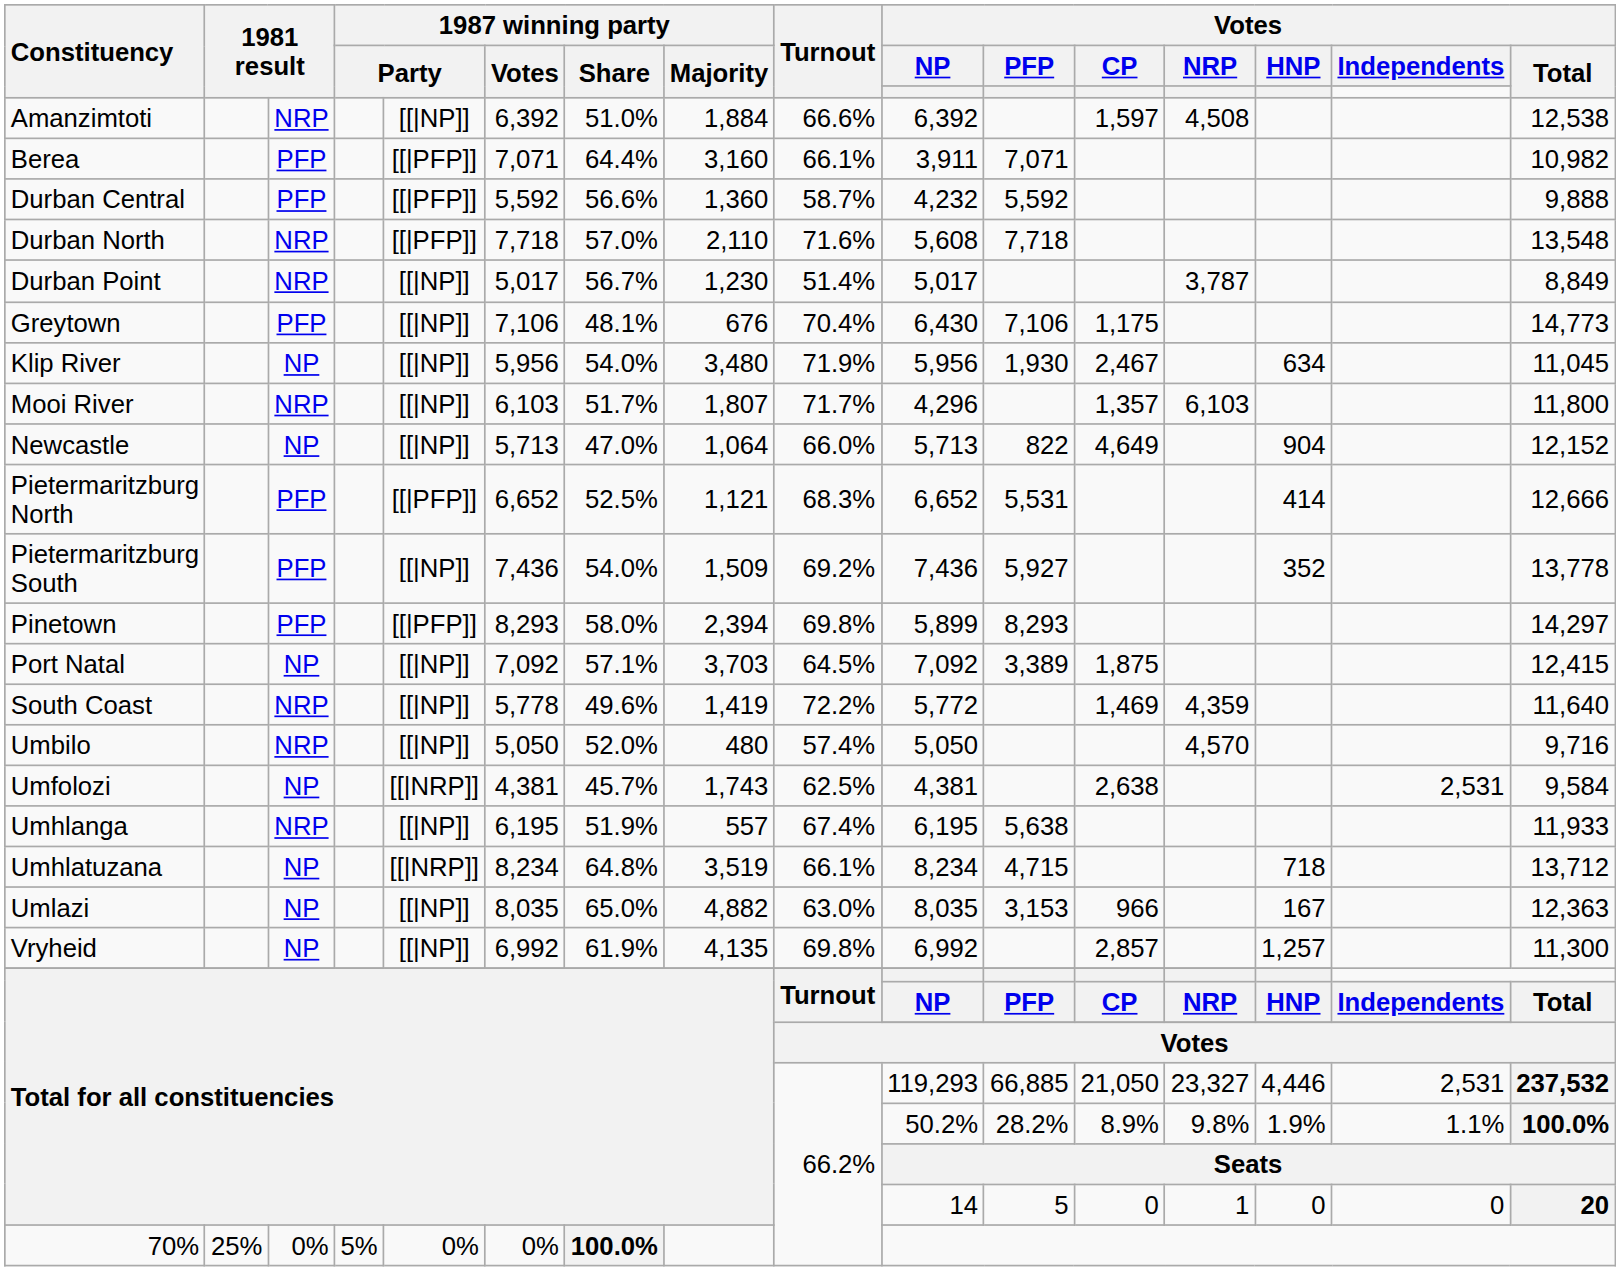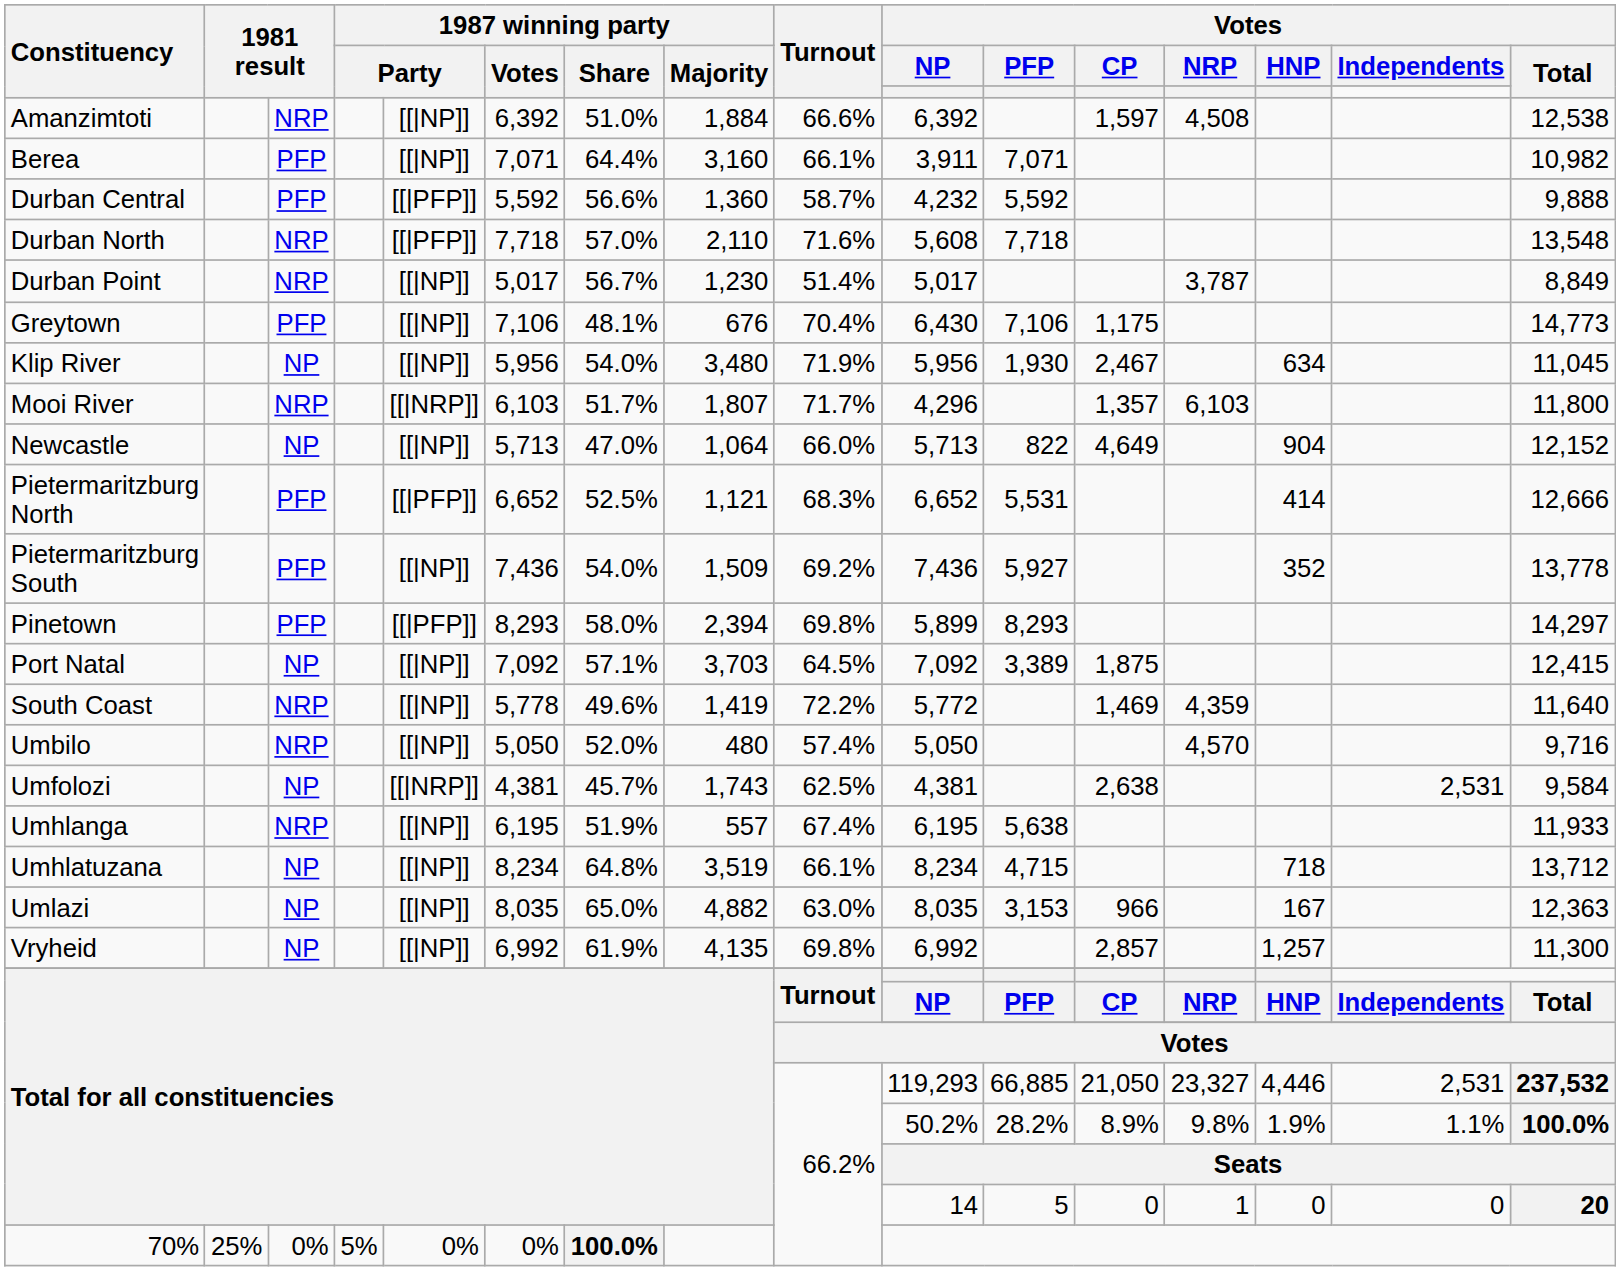 <table class="wikitable sortable" style="text-align:right; font-size:95%">
 <tr>
 <th rowspan="3" scope="col" style="text-align:left;">Constituency</th>
 <th colspan="2" rowspan="3" scope="col">1981<br>result</th>
 <th colspan="5">1987 winning party</th>
 <th rowspan="3" scope="col">Turnout</th>
 <th colspan="7" scope="col">Votes</th>
 </tr>
 <tr>
 <th colspan="2" rowspan="2">Party</th>
 <th rowspan="2" scope="col">Votes</th>
 <th rowspan="2" scope="col">Share</th>
 <th rowspan="2" scope="col">Majority</th>
 <th scope="col"><a href='#'>NP</a></th>
 <th scope="col"><a href='#'>PFP</a></th>
 <th scope="col"><a href='#'>CP</a></th>
 <th scope="col"><a href='#'>NRP</a></th>
 <th scope="col"><a href='#'>HNP</a></th>
 <th scope="col"><a href='#'>Independents</a></th>
 <th rowspan="2" scope="col">Total</th>
 </tr>
 <tr>
 <th scope="col" style="background:"></th>
 <th scope="col" style="background:"></th>
 <th scope="col" style="background:"></th>
 <th scope="col" style="background:"></th>
 <th scope="col" style="background:"></th>
 </tr>
 <tr>
 <td style="text-align:left;">Amanzimtoti</td>
 <td style="background:"></td>
 <td style="text-align:center;"><a href='#'>NRP</a></td>
 <td style="background:"></td>
 <td style="text-align:center;">[[|NP]]</td>
 <td>6,392</td>
 <td>51.0%</td>
 <td>1,884</td>
 <td>66.6%</td>
 <td>6,392</td>
 <td></td>
 <td>1,597</td>
 <td>4,508</td>
 <td></td>
 <td></td>
 <td>12,538</td>
 </tr>
 <tr>
 <td style="text-align:left;">Berea</td>
 <td style="background:"></td>
 <td style="text-align:center;"><a href='#'>PFP</a></td>
 <td style="background:"></td>
-<td style="text-align:center;">[[|PFP]]</td>
+<td style="text-align:center;">[[|NP]]</td>
 <td>7,071</td>
 <td>64.4%</td>
 <td>3,160</td>
 <td>66.1%</td>
 <td>3,911</td>
 <td>7,071</td>
 <td></td>
 <td></td>
 <td></td>
 <td></td>
 <td>10,982</td>
 </tr>
 <tr>
 <td style="text-align:left;">Durban Central</td>
 <td style="background:"></td>
 <td style="text-align:center;"><a href='#'>PFP</a></td>
 <td style="background:"></td>
 <td style="text-align:center;">[[|PFP]]</td>
 <td>5,592</td>
 <td>56.6%</td>
 <td>1,360</td>
 <td>58.7%</td>
 <td>4,232</td>
 <td>5,592</td>
 <td></td>
 <td></td>
 <td></td>
 <td></td>
 <td>9,888</td>
 </tr>
 <tr>
 <td style="text-align:left;">Durban North</td>
 <td style="background:"></td>
 <td style="text-align:center;"><a href='#'>NRP</a></td>
 <td style="background:"></td>
 <td style="text-align:center;">[[|PFP]]</td>
 <td>7,718</td>
 <td>57.0%</td>
 <td>2,110</td>
 <td>71.6%</td>
 <td>5,608</td>
 <td>7,718</td>
 <td></td>
 <td></td>
 <td></td>
 <td></td>
 <td>13,548</td>
 </tr>
 <tr>
 <td style="text-align:left;">Durban Point</td>
 <td style="background:"></td>
 <td style="text-align:center;"><a href='#'>NRP</a></td>
 <td style="background:"></td>
 <td style="text-align:center;">[[|NP]]</td>
 <td>5,017</td>
 <td>56.7%</td>
 <td>1,230</td>
 <td>51.4%</td>
 <td>5,017</td>
 <td></td>
 <td></td>
 <td>3,787</td>
 <td></td>
 <td></td>
 <td>8,849</td>
 </tr>
 <tr>
 <td style="text-align:left;">Greytown</td>
 <td style="background:"></td>
 <td style="text-align:center;"><a href='#'>PFP</a></td>
 <td style="background:"></td>
 <td style="text-align:center;">[[|NP]]</td>
 <td>7,106</td>
 <td>48.1%</td>
 <td>676</td>
 <td>70.4%</td>
 <td>6,430</td>
 <td>7,106</td>
 <td>1,175</td>
 <td></td>
 <td></td>
 <td></td>
 <td>14,773</td>
 </tr>
 <tr>
 <td style="text-align:left;">Klip River</td>
 <td style="background:"></td>
 <td style="text-align:center;"><a href='#'>NP</a></td>
 <td style="background:"></td>
 <td style="text-align:center;">[[|NP]]</td>
 <td>5,956</td>
 <td>54.0%</td>
 <td>3,480</td>
 <td>71.9%</td>
 <td>5,956</td>
 <td>1,930</td>
 <td>2,467</td>
 <td></td>
 <td>634</td>
 <td></td>
 <td>11,045</td>
 </tr>
 <tr>
 <td style="text-align:left;">Mooi River</td>
 <td style="background:"></td>
 <td style="text-align:center;"><a href='#'>NRP</a></td>
 <td style="background:"></td>
-<td style="text-align:center;">[[|NP]]</td>
+<td style="text-align:center;">[[|NRP]]</td>
 <td>6,103</td>
 <td>51.7%</td>
 <td>1,807</td>
 <td>71.7%</td>
 <td>4,296</td>
 <td></td>
 <td>1,357</td>
 <td>6,103</td>
 <td></td>
 <td></td>
 <td>11,800</td>
 </tr>
 <tr>
 <td style="text-align:left;">Newcastle</td>
 <td style="background:"></td>
 <td style="text-align:center;"><a href='#'>NP</a></td>
 <td style="background:"></td>
 <td style="text-align:center;">[[|NP]]</td>
 <td>5,713</td>
 <td>47.0%</td>
 <td>1,064</td>
 <td>66.0%</td>
 <td>5,713</td>
 <td>822</td>
 <td>4,649</td>
 <td></td>
 <td>904</td>
 <td></td>
 <td>12,152</td>
 </tr>
 <tr>
 <td style="text-align:left;">Pietermaritzburg North</td>
 <td style="background:"></td>
 <td style="text-align:center;"><a href='#'>PFP</a></td>
 <td style="background:"></td>
 <td style="text-align:center;">[[|PFP]]</td>
 <td>6,652</td>
 <td>52.5%</td>
 <td>1,121</td>
 <td>68.3%</td>
 <td>6,652</td>
 <td>5,531</td>
 <td></td>
 <td></td>
 <td>414</td>
 <td></td>
 <td>12,666</td>
 </tr>
 <tr>
 <td style="text-align:left;">Pietermaritzburg South</td>
 <td style="background:"></td>
 <td style="text-align:center;"><a href='#'>PFP</a></td>
 <td style="background:"></td>
 <td style="text-align:center;">[[|NP]]</td>
 <td>7,436</td>
 <td>54.0%</td>
 <td>1,509</td>
 <td>69.2%</td>
 <td>7,436</td>
 <td>5,927</td>
 <td></td>
 <td></td>
 <td>352</td>
 <td></td>
 <td>13,778</td>
 </tr>
 <tr>
 <td style="text-align:left;">Pinetown</td>
 <td style="background:"></td>
 <td style="text-align:center;"><a href='#'>PFP</a></td>
 <td style="background:"></td>
 <td style="text-align:center;">[[|PFP]]</td>
 <td>8,293</td>
 <td>58.0%</td>
 <td>2,394</td>
 <td>69.8%</td>
 <td>5,899</td>
 <td>8,293</td>
 <td></td>
 <td></td>
 <td></td>
 <td></td>
 <td>14,297</td>
 </tr>
 <tr>
 <td style="text-align:left;">Port Natal</td>
 <td style="background:"></td>
 <td style="text-align:center;"><a href='#'>NP</a></td>
 <td style="background:"></td>
 <td style="text-align:center;">[[|NP]]</td>
 <td>7,092</td>
 <td>57.1%</td>
 <td>3,703</td>
 <td>64.5%</td>
 <td>7,092</td>
 <td>3,389</td>
 <td>1,875</td>
 <td></td>
 <td></td>
 <td></td>
 <td>12,415</td>
 </tr>
 <tr>
 <td style="text-align:left;">South Coast</td>
 <td style="background:"></td>
 <td style="text-align:center;"><a href='#'>NRP</a></td>
 <td style="background:"></td>
 <td style="text-align:center;">[[|NP]]</td>
 <td>5,778</td>
 <td>49.6%</td>
 <td>1,419</td>
 <td>72.2%</td>
 <td>5,772</td>
 <td></td>
 <td>1,469</td>
 <td>4,359</td>
 <td></td>
 <td></td>
 <td>11,640</td>
 </tr>
 <tr>
 <td style="text-align:left;">Umbilo</td>
 <td style="background:"></td>
 <td style="text-align:center;"><a href='#'>NRP</a></td>
 <td style="background:"></td>
 <td style="text-align:center;">[[|NP]]</td>
 <td>5,050</td>
 <td>52.0%</td>
 <td>480</td>
 <td>57.4%</td>
 <td>5,050</td>
 <td></td>
 <td></td>
 <td>4,570</td>
 <td></td>
 <td></td>
 <td>9,716</td>
 </tr>
 <tr>
 <td style="text-align:left;">Umfolozi</td>
 <td style="background:"></td>
 <td style="text-align:center;"><a href='#'>NP</a></td>
 <td style="background:"></td>
 <td style="text-align:center;">[[|NRP]]</td>
 <td>4,381</td>
 <td>45.7%</td>
 <td>1,743</td>
 <td>62.5%</td>
 <td>4,381</td>
 <td></td>
 <td>2,638</td>
 <td></td>
 <td></td>
 <td>2,531</td>
 <td>9,584</td>
 </tr>
 <tr>
 <td style="text-align:left;">Umhlanga</td>
 <td style="background:"></td>
 <td style="text-align:center;"><a href='#'>NRP</a></td>
 <td style="background:"></td>
 <td style="text-align:center;">[[|NP]]</td>
 <td>6,195</td>
 <td>51.9%</td>
 <td>557</td>
 <td>67.4%</td>
 <td>6,195</td>
 <td>5,638</td>
 <td></td>
 <td></td>
 <td></td>
 <td></td>
 <td>11,933</td>
 </tr>
 <tr>
 <td style="text-align:left;">Umhlatuzana</td>
 <td style="background:"></td>
 <td style="text-align:center;"><a href='#'>NP</a></td>
 <td style="background:"></td>
-<td style="text-align:center;">[[|NRP]]</td>
+<td style="text-align:center;">[[|NP]]</td>
 <td>8,234</td>
 <td>64.8%</td>
 <td>3,519</td>
 <td>66.1%</td>
 <td>8,234</td>
 <td>4,715</td>
 <td></td>
 <td></td>
 <td>718</td>
 <td></td>
 <td>13,712</td>
 </tr>
 <tr>
 <td style="text-align:left;">Umlazi</td>
 <td style="background:"></td>
 <td style="text-align:center;"><a href='#'>NP</a></td>
 <td style="background:"></td>
 <td style="text-align:center;">[[|NP]]</td>
 <td>8,035</td>
 <td>65.0%</td>
 <td>4,882</td>
 <td>63.0%</td>
 <td>8,035</td>
 <td>3,153</td>
 <td>966</td>
 <td></td>
 <td>167</td>
 <td></td>
 <td>12,363</td>
 </tr>
 <tr>
 <td style="text-align:left;">Vryheid</td>
 <td style="background:"></td>
 <td style="text-align:center;"><a href='#'>NP</a></td>
 <td style="background:"></td>
 <td style="text-align:center;">[[|NP]]</td>
 <td>6,992</td>
 <td>61.9%</td>
 <td>4,135</td>
 <td>69.8%</td>
 <td>6,992</td>
 <td></td>
 <td>2,857</td>
 <td></td>
 <td>1,257</td>
 <td></td>
 <td>11,300</td>
 </tr>
 <tr>
 </tr>
 <tr class="sortbottom">
 <th colspan="8" rowspan="8" scope="col" style="text-align:left;">Total for all constituencies</th>
 <th rowspan="3" scope="col">Turnout</th>
 <th scope="col" style="background:"></th>
 <th scope="col" style="background:"></th>
 <th scope="col" style="background:"></th>
 <th scope="col" style="background:"></th>
 <th scope="col" style="background:"></th>
 </tr>
 <tr class="sortbottom">
 <th scope="col"><a href='#'>NP</a></th>
 <th scope="col"><a href='#'>PFP</a></th>
 <th scope="col"><a href='#'>CP</a></th>
 <th scope="col"><a href='#'>NRP</a></th>
 <th scope="col"><a href='#'>HNP</a></th>
 <th scope="col"><a href='#'>Independents</a></th>
 <th rowspan="2" scope="col">Total</th>
 </tr>
 <tr>
 </tr>
 <tr class="sortbottom">
 <th colspan="8">Votes</th>
 </tr>
 <tr class="sortbottom">
 <td rowspan="5" style="text-align:right;">66.2%</td>
 <td>119,293</td>
 <td>66,885</td>
 <td>21,050</td>
 <td>23,327</td>
 <td>4,446</td>
 <td>2,531</td>
 <th scope="col" style="text-align:right;">237,532</th>
 </tr>
 <tr class="sortbottom">
 <td>50.2%</td>
 <td>28.2%</td>
 <td>8.9%</td>
 <td>9.8%</td>
 <td>1.9%</td>
 <td>1.1%</td>
 <th scope="col" style="text-align:right;">100.0%</th>
 </tr>
 <tr class="sortbottom">
 <th colspan="8">Seats</th>
 </tr>
 <tr class="sortbottom">
 <td>14</td>
 <td>5</td>
 <td>0</td>
 <td>1</td>
 <td>0</td>
 <td>0</td>
 <th scope="col" style="text-align:right;">20</th>
 </tr>
 <tr class="sortbottom">
 <td>70%</td>
 <td>25%</td>
 <td>0%</td>
 <td>5%</td>
 <td>0%</td>
 <td>0%</td>
 <th scope="col" style="text-align:right;">100.0%</th>
 </tr>
 </table>
